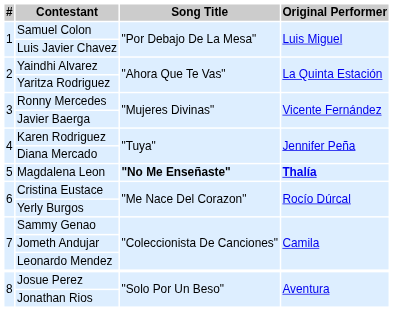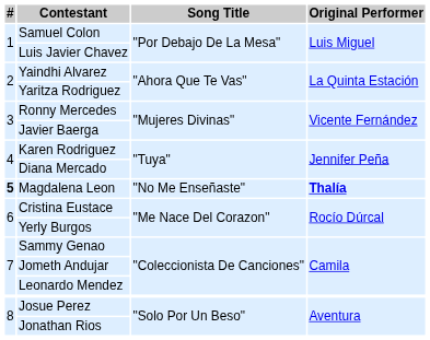 <table cellpadding=2 cellspacing=2>
 <tr bgcolor=#cccccc>
 <th>#</th>
 <th>Contestant</th>
 <th>Song Title</th>
 <th>Original Performer</th>
 </tr>
 <tr bgcolor=#DDEEFF>
 <td rowspan="2" align=center>1</td>
 <td>Samuel Colon</td>
 <td rowspan="2">"Por Debajo De La Mesa"</td>
 <td rowspan="2"><a href='#'>Luis Miguel</a></td>
 </tr>
 <tr bgcolor=#DDEEFF>
 <td>Luis Javier Chavez</td>
 </tr>
 <tr bgcolor=#DDEEFF>
 <td rowspan="2" align=center>2</td>
 <td>Yaindhi Alvarez</td>
 <td rowspan="2">"Ahora Que Te Vas"</td>
 <td rowspan="2"><a href='#'>La Quinta Estación</a></td>
 </tr>
 <tr bgcolor=#DDEEFF>
 <td>Yaritza Rodriguez</td>
 </tr>
 <tr bgcolor=#DDEEFF>
 <td rowspan="2" align=center>3</td>
 <td>Ronny Mercedes</td>
 <td rowspan="2">"Mujeres Divinas"</td>
 <td rowspan="2"><a href='#'>Vicente Fernández</a></td>
 </tr>
 <tr bgcolor=#DDEEFF>
 <td>Javier Baerga</td>
 </tr>
 <tr bgcolor=#DDEEFF>
 <td rowspan="2" align=center>4</td>
 <td>Karen Rodriguez</td>
 <td rowspan="2">"Tuya"</td>
 <td rowspan="2"><a href='#'>Jennifer Peña</a></td>
 </tr>
 <tr bgcolor=#DDEEFF>
 <td>Diana Mercado</td>
 </tr>
 <tr bgcolor=#DDEEFF>
-<td align=center>5</td>
+<td align=center><strong>5</strong></td>
 <td>Magdalena Leon</td>
-<td><strong>"No Me Enseñaste"</strong></td>
+<td>"No Me Enseñaste"</td>
 <td><strong><a href='#'>Thalía</a></strong></td>
 </tr>
 <tr bgcolor=#DDEEFF>
 <td rowspan="2" align=center>6</td>
 <td>Cristina Eustace</td>
 <td rowspan="2">"Me Nace Del Corazon"</td>
 <td rowspan="2"><a href='#'>Rocío Dúrcal</a></td>
 </tr>
 <tr bgcolor=#DDEEFF>
 <td>Yerly Burgos</td>
 </tr>
 <tr bgcolor=#DDEEFF>
 <td rowspan="3" align=center>7</td>
 <td>Sammy Genao</td>
 <td rowspan="3">"Coleccionista De Canciones"</td>
 <td rowspan="3"><a href='#'>Camila</a></td>
 </tr>
 <tr bgcolor=#DDEEFF>
 <td>Jometh Andujar</td>
 </tr>
 <tr bgcolor=#DDEEFF>
 <td>Leonardo Mendez</td>
 </tr>
 <tr bgcolor=#DDEEFF>
 </tr>
 <tr bgcolor=#DDEEFF>
 <td rowspan="2" align=center>8</td>
 <td>Josue Perez</td>
 <td rowspan="2">"Solo Por Un Beso"</td>
 <td rowspan="2"><a href='#'>Aventura</a></td>
 </tr>
 <tr bgcolor=#DDEEFF>
 <td>Jonathan Rios</td>
 </tr>
 <tr bgcolor=#DDEEFF>
 </tr>
 </table>
